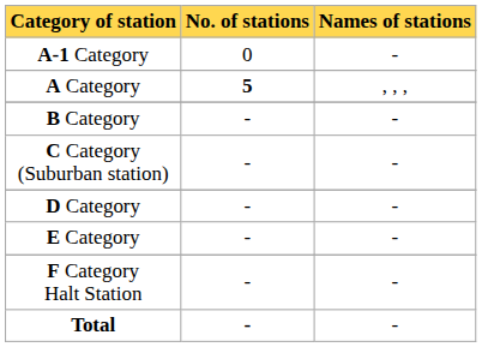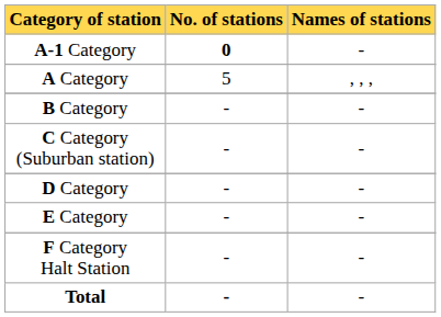 <table class="wikitable sortable" style="background:#fff;">
 <tr>
 <th style="background:#ffd750;" !>Category of station</th>
 <th style="background:#ffd750;" !>No. of stations</th>
 <th style="background:#ffd750;" !>Names of stations</th>
 </tr>
 <tr>
 <td style="text-align:center;"><strong>A-1</strong> Category</td>
-<td style="text-align:center;">0</td>
+<td style="text-align:center;"><strong>0</strong></td>
 <td style="text-align:center;">-</td>
 </tr>
 <tr>
 </tr>
 <tr>
 <td style="text-align:center;"><strong>A</strong> Category</td>
-<td style="text-align:center;"><strong>5</strong></td>
+<td style="text-align:center;">5</td>
 <td style="text-align:center;">, , , </td>
 </tr>
 <tr>
 </tr>
 <tr>
 <td style="text-align:center;"><strong>B</strong> Category</td>
 <td style="text-align:center;">-</td>
 <td style="text-align:center;">-</td>
 </tr>
 <tr>
 <td style="text-align:center;"><strong>C</strong> Category<br>(Suburban station)</td>
 <td style="text-align:center;">-</td>
 <td style="text-align:center;">-</td>
 </tr>
 <tr>
 </tr>
 <tr>
 <td style="text-align:center;"><strong>D</strong> Category</td>
 <td style="text-align:center;">-</td>
 <td style="text-align:center;">-</td>
 </tr>
 <tr>
 <td style="text-align:center;"><strong>E</strong> Category</td>
 <td style="text-align:center;">-</td>
 <td style="text-align:center;">-</td>
 </tr>
 <tr>
 </tr>
 <tr>
 <td style="text-align:center;"><strong>F</strong> Category<br>Halt Station</td>
 <td style="text-align:center;">-</td>
 <td style="text-align:center;">-</td>
 </tr>
 <tr>
 <td style="text-align:center;"><strong>Total</strong></td>
 <td style="text-align:center;"><strong>-</strong></td>
 <td style="text-align:center;">-</td>
 </tr>
 </table>
